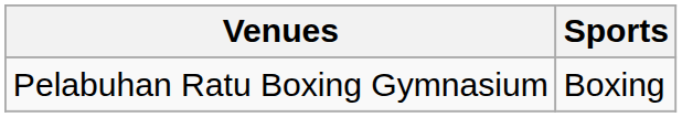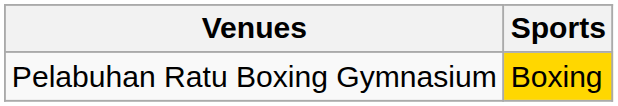 <table class="wikitable">
 <tr>
 <th>Venues</th>
 <th>Sports</th>
 </tr>
 <tr>
 <td>Pelabuhan Ratu Boxing Gymnasium</td>
-<td>Boxing</td>
+<td style="background: gold;">Boxing</td>
 </tr>
 </table>
